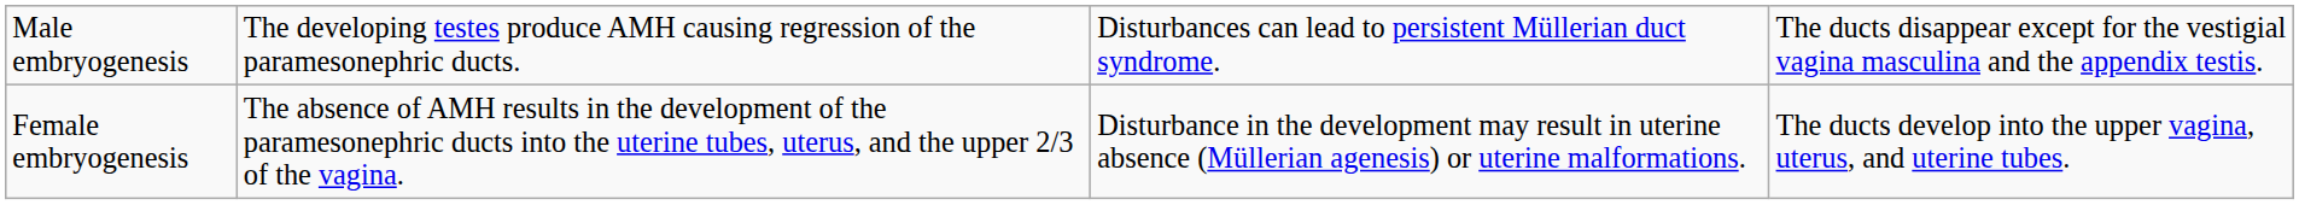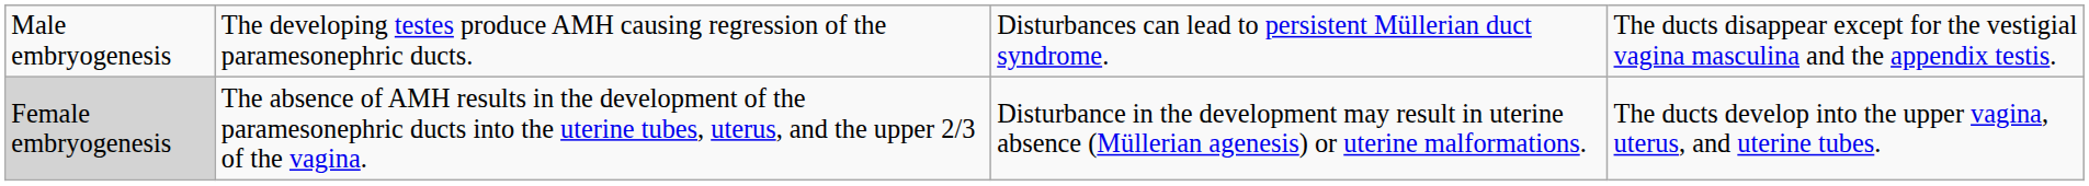 <table class="wikitable">
 <tr>
 <td>Male embryogenesis</td>
 <td>The developing <a href='#'>testes</a> produce AMH causing regression of the paramesonephric ducts.</td>
 <td>Disturbances can lead to <a href='#'>persistent Müllerian duct syndrome</a>.</td>
 <td>The ducts disappear except for the vestigial <a href='#'>vagina masculina</a> and the <a href='#'>appendix testis</a>.</td>
 </tr>
 <tr>
-<td>Female embryogenesis</td>
+<td style="background: lightgrey;">Female embryogenesis</td>
 <td>The absence of AMH results in the development of the paramesonephric ducts into the <a href='#'>uterine tubes</a>, <a href='#'>uterus</a>, and the upper 2/3 of the <a href='#'>vagina</a>.</td>
 <td>Disturbance in the development may result in uterine absence (<a href='#'>Müllerian agenesis</a>) or <a href='#'>uterine malformations</a>.</td>
 <td>The ducts develop into the upper <a href='#'>vagina</a>, <a href='#'>uterus</a>, and <a href='#'>uterine tubes</a>.</td>
 </tr>
 </table>
